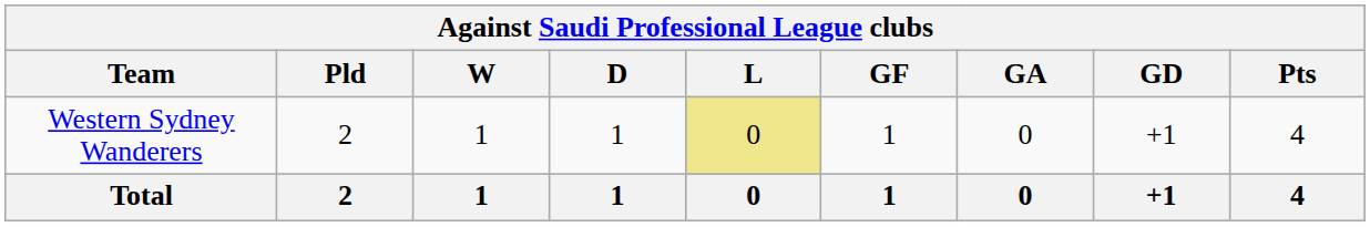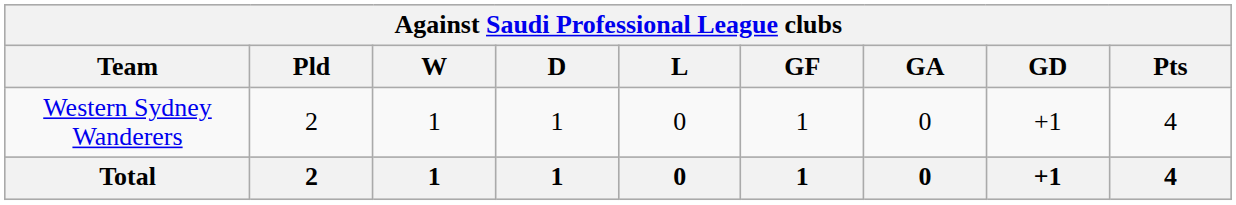 <table width=60% class="wikitable" style="text-align:center">
 <tr>
 <th colspan=9>Against <a href='#'>Saudi Professional League</a> clubs</th>
 </tr>
 <tr>
 <th width=10%>Team</th>
 <th width=5%>Pld</th>
 <th width=5%>W</th>
 <th width=5%>D</th>
 <th width=5%>L</th>
 <th width=5%>GF</th>
 <th width=5%>GA</th>
 <th width=5%>GD</th>
 <th width=5%>Pts</th>
 </tr>
 <tr>
 <td align=center><a href='#'>Western Sydney Wanderers</a></td>
 <td>2</td>
 <td>1</td>
 <td>1</td>
-<td style="background: khaki;">0</td>
+<td>0</td>
 <td>1</td>
 <td>0</td>
 <td>+1</td>
 <td>4</td>
 </tr>
 <tr>
 <th>Total</th>
 <th>2</th>
 <th>1</th>
 <th>1</th>
 <th>0</th>
 <th>1</th>
 <th>0</th>
 <th>+1</th>
 <th>4</th>
 </tr>
 </table>
